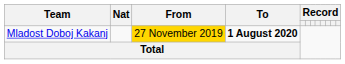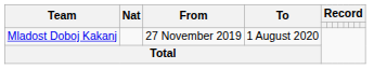 <table class="wikitable" tyle="text-align: center">
 <tr>
 <th rowspan="2">Team</th>
 <th rowspan="2">Nat</th>
 <th rowspan="2">From</th>
 <th rowspan="2">To</th>
 <th colspan="8">Record</th>
 </tr>
 <tr>
 <th></th>
 <th></th>
 <th></th>
 <th></th>
 <th></th>
 <th></th>
 <th></th>
 <th></th>
 </tr>
 <tr>
 <td align="center"><a href='#'>Mladost Doboj Kakanj</a></td>
 <td align="center"></td>
-<td align="left" style="background: gold;">27 November 2019</td>
-<td align="left"><strong>1 August 2020<br></strong></td>
+<td align="left">27 November 2019</td>
+<td align="left">1 August 2020<br></td>
 </tr>
 <tr>
 <th colspan="4">Total<br></th>
 </tr>
 </table>
